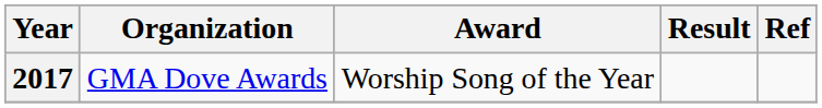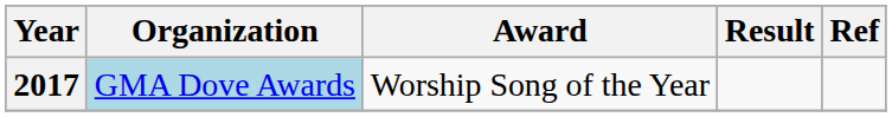 <table class="wikitable plainrowheaders">
 <tr>
 <th>Year</th>
 <th>Organization</th>
 <th>Award</th>
 <th>Result</th>
 <th>Ref</th>
 </tr>
 <tr>
 <th scope="row">2017</th>
-<td><a href='#'>GMA Dove Awards</a></td>
+<td style="background: lightblue;"><a href='#'>GMA Dove Awards</a></td>
 <td>Worship Song of the Year</td>
 <td></td>
 <td></td>
 </tr>
 <tr>
 </tr>
 </table>
